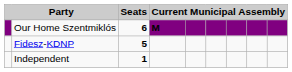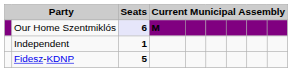 <table class="wikitable">
 <tr>
 <th style="background:#ccc" colspan="2">Party</th>
 <th style="background:#ccc">Seats</th>
 <th style="background:#ccc" colspan="6">Current Municipal Assembly</th>
 </tr>
 <tr>
 <td style="background-color: #800080"> </td>
 <td>Our Home Szentmiklós</td>
-<td style="text-align: right"><strong>6</strong></td>
+<td style="background: lavender; text-align: right"><strong>6</strong></td>
 <td style="background-color: #800080"><span><strong>M</strong></span></td>
 <td style="background-color: #800080"> </td>
 <td style="background-color: #800080"> </td>
 <td style="background-color: #800080"> </td>
 <td style="background-color: #800080"> </td>
 <td style="background-color: #800080"> </td>
+</tr>
+<tr>
+<td style="background-color: "> </td>
+<td>Independent</td>
+<td style="text-align: right"><strong>1</strong></td>
+<td style="background-color: "> </td>
+<td> </td>
+<td> </td>
+<td> </td>
+<td> </td>
+<td> </td>
 </tr>
 <tr>
 <td style="background-color: "> </td>
 <td><a href='#'>Fidesz</a>-<a href='#'>KDNP</a></td>
 <td style="text-align: right"><strong>5</strong></td>
 <td style="background-color: "> </td>
 <td style="background-color: "> </td>
 <td style="background-color: "> </td>
 <td style="background-color: "> </td>
 <td style="background-color: "> </td>
 <td> </td>
 </tr>
-<tr>
-<td style="background-color: "> </td>
-<td>Independent</td>
-<td style="text-align: right"><strong>1</strong></td>
-<td style="background-color: "> </td>
-<td> </td>
-<td> </td>
-<td> </td>
-<td> </td>
-<td> </td>
-</tr>
 </table>
